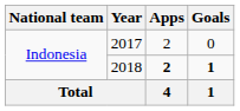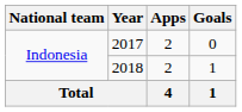 <table class=wikitable style=text-align:center>
 <tr>
 <th>National team</th>
 <th>Year</th>
 <th>Apps</th>
 <th>Goals</th>
 </tr>
 <tr>
 <td rowspan="2"><a href='#'>Indonesia</a></td>
 <td>2017</td>
 <td>2</td>
 <td>0</td>
 </tr>
 <tr>
 <td>2018</td>
-<td><strong>2</strong></td>
-<td><strong>1</strong></td>
+<td>2</td>
+<td>1</td>
 </tr>
 <tr>
 <th colspan=2>Total</th>
 <th>4</th>
 <th>1</th>
 </tr>
 </table>
